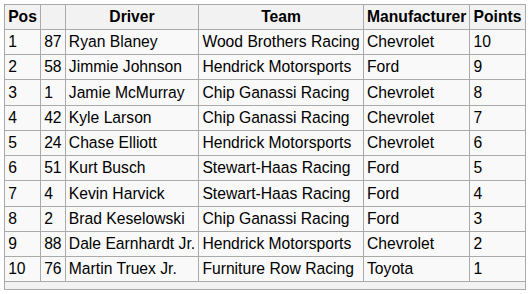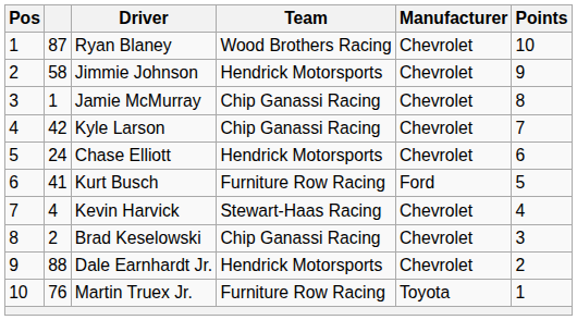 <table class="wikitable" style="font-size:98%">
 <tr>
 <th>Pos</th>
 <th></th>
 <th>Driver</th>
 <th>Team</th>
 <th>Manufacturer</th>
 <th>Points</th>
 </tr>
 <tr>
 <td>1</td>
 <td>87</td>
 <td>Ryan Blaney</td>
 <td>Wood Brothers Racing</td>
 <td>Chevrolet</td>
 <td>10</td>
 </tr>
 <tr>
 <td>2</td>
 <td>58</td>
 <td>Jimmie Johnson</td>
 <td>Hendrick Motorsports</td>
-<td>Ford</td>
+<td>Chevrolet</td>
 <td>9</td>
 </tr>
 <tr>
 <td>3</td>
 <td>1</td>
 <td>Jamie McMurray</td>
 <td>Chip Ganassi Racing</td>
 <td>Chevrolet</td>
 <td>8</td>
 </tr>
 <tr>
 <td>4</td>
 <td>42</td>
 <td>Kyle Larson</td>
 <td>Chip Ganassi Racing</td>
 <td>Chevrolet</td>
 <td>7</td>
 </tr>
 <tr>
 <td>5</td>
 <td>24</td>
 <td>Chase Elliott</td>
 <td>Hendrick Motorsports</td>
 <td>Chevrolet</td>
 <td>6</td>
 </tr>
 <tr>
 <td>6</td>
-<td>51</td>
+<td>41</td>
 <td>Kurt Busch</td>
-<td>Stewart-Haas Racing</td>
+<td>Furniture Row Racing</td>
 <td>Ford</td>
 <td>5</td>
 </tr>
 <tr>
 <td>7</td>
 <td>4</td>
 <td>Kevin Harvick</td>
 <td>Stewart-Haas Racing</td>
-<td>Ford</td>
+<td>Chevrolet</td>
 <td>4</td>
 </tr>
 <tr>
 <td>8</td>
 <td>2</td>
 <td>Brad Keselowski</td>
 <td>Chip Ganassi Racing</td>
-<td>Ford</td>
+<td>Chevrolet</td>
 <td>3</td>
 </tr>
 <tr>
 <td>9</td>
 <td>88</td>
 <td>Dale Earnhardt Jr.</td>
 <td>Hendrick Motorsports</td>
 <td>Chevrolet</td>
 <td>2</td>
 </tr>
 <tr>
 <td>10</td>
 <td>76</td>
 <td>Martin Truex Jr.</td>
 <td>Furniture Row Racing</td>
 <td>Toyota</td>
 <td>1</td>
 </tr>
 <tr>
 <th colspan="6"></th>
 </tr>
 </table>
